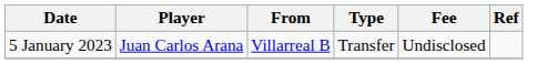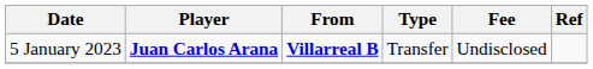 <table class="wikitable">
 <tr>
 <th>Date</th>
 <th>Player</th>
 <th>From</th>
 <th>Type</th>
 <th>Fee</th>
 <th>Ref</th>
 </tr>
 <tr>
 <td>5 January 2023</td>
-<td> <a href='#'>Juan Carlos Arana</a></td>
-<td><a href='#'>Villarreal B</a></td>
+<td><strong> <a href='#'>Juan Carlos Arana</a></strong></td>
+<td><strong><a href='#'>Villarreal B</a></strong></td>
 <td align=center>Transfer</td>
 <td align=center>Undisclosed</td>
 <td align=center></td>
 </tr>
 <tr>
 </tr>
 </table>
